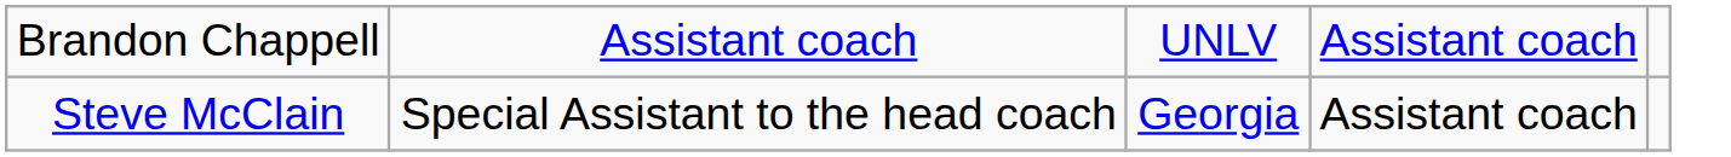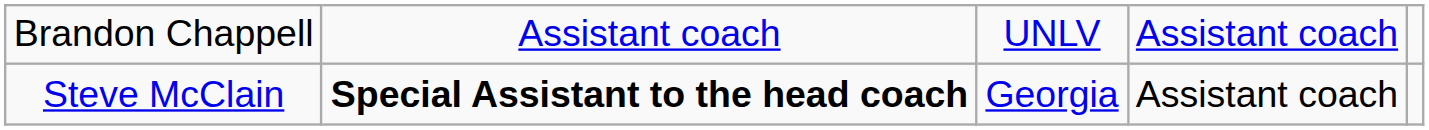 <table class="wikitable">
 <tr align="center">
 <td>Brandon Chappell</td>
 <td><a href='#'>Assistant coach</a></td>
 <td><a href='#'>UNLV</a></td>
 <td><a href='#'>Assistant coach</a></td>
 <td></td>
 </tr>
 <tr align="center">
 <td><a href='#'>Steve McClain</a></td>
-<td>Special Assistant to the head coach</td>
+<td><strong>Special Assistant to the head coach</strong></td>
 <td><a href='#'>Georgia</a></td>
 <td>Assistant coach</td>
 <td></td>
 </tr>
 </table>
